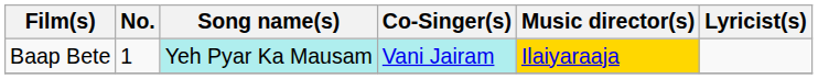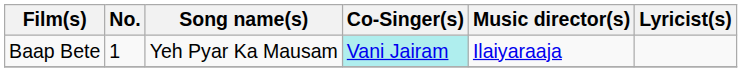 <table class="wikitable sortable">
 <tr>
 <th>Film(s)</th>
 <th>No.</th>
 <th>Song name(s)</th>
 <th>Co-Singer(s)</th>
 <th>Music director(s)</th>
 <th>Lyricist(s)</th>
 </tr>
 <tr>
 <td>Baap Bete</td>
 <td>1</td>
-<td style="background: paleturquoise;">Yeh Pyar Ka Mausam</td>
+<td>Yeh Pyar Ka Mausam</td>
 <td style="background: paleturquoise;"><a href='#'>Vani Jairam</a></td>
-<td style="background: gold;"><a href='#'>Ilaiyaraaja</a></td>
+<td><a href='#'>Ilaiyaraaja</a></td>
 <td></td>
 </tr>
 <tr>
 </tr>
 </table>
